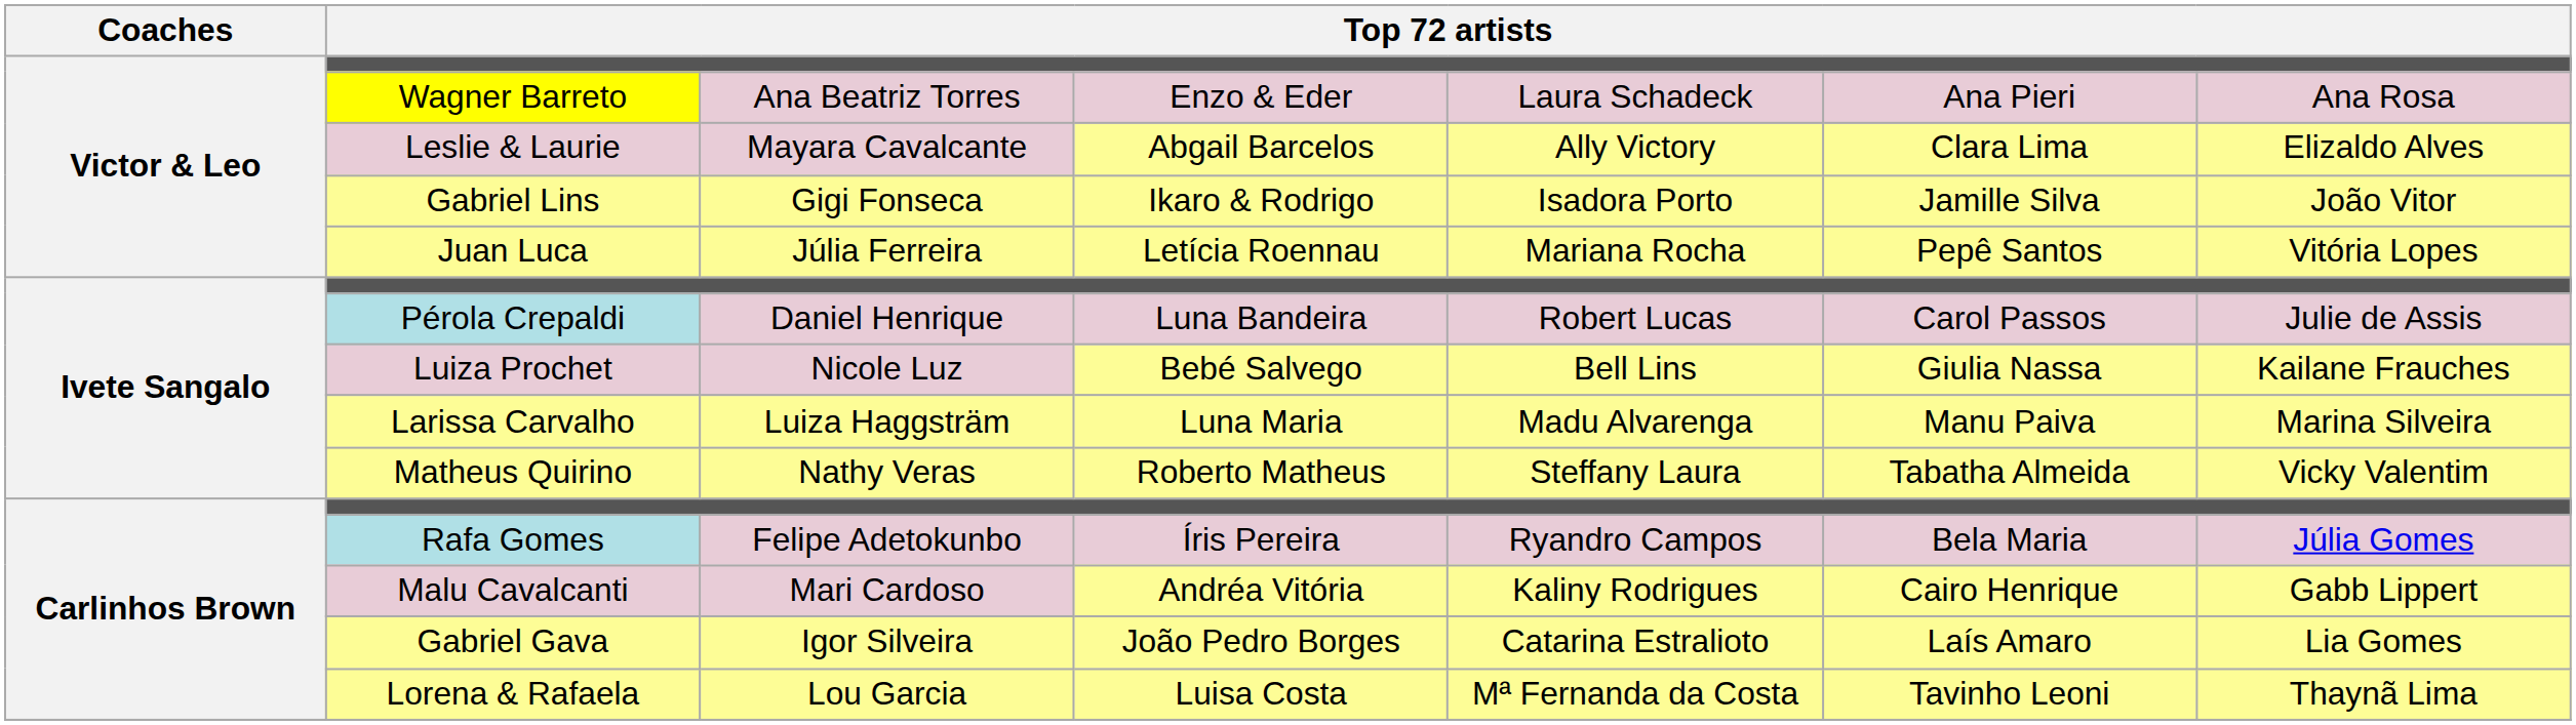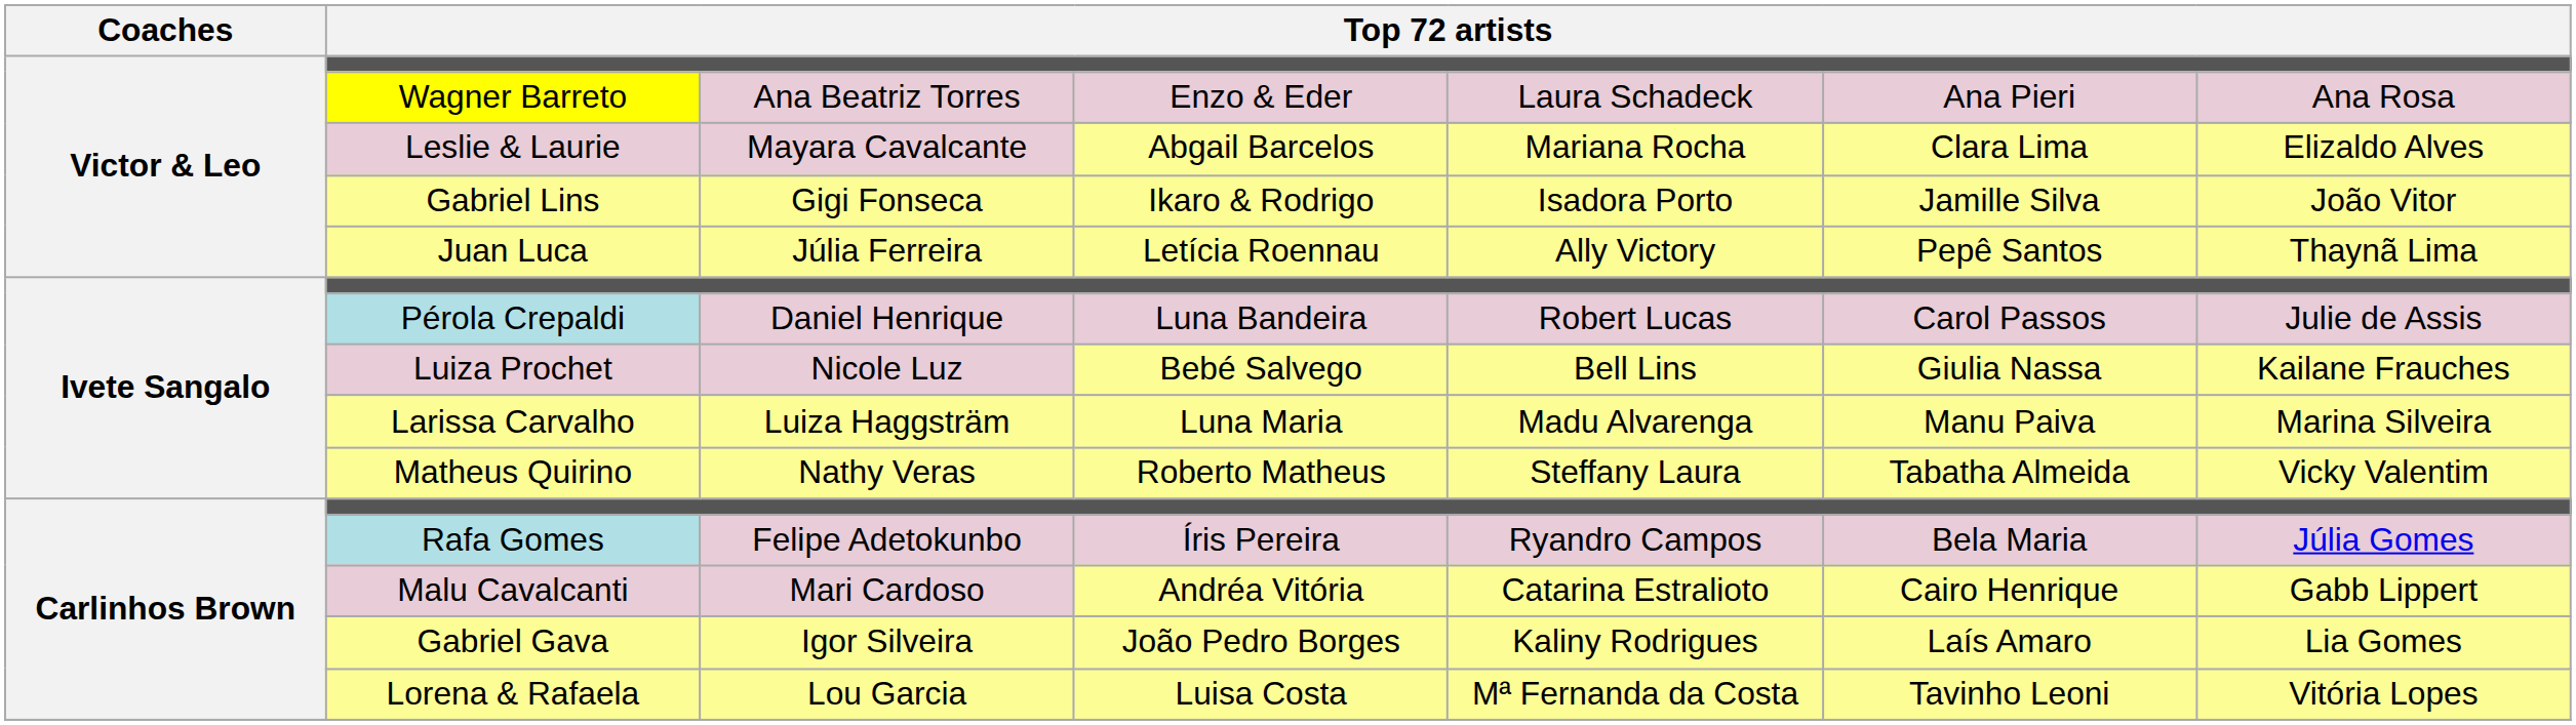 <table class="wikitable" style="text-align:center; width:100%;">
 <tr>
 <th scope="col" width="12%">Coaches</th>
 <th scope="col" width="85%" colspan=6>Top 72 artists</th>
 </tr>
 <tr>
 <th rowspan=5>Victor & Leo</th>
 <td colspan=6  bgcolor=555555></td>
 </tr>
 <tr>
 <td width="14%" bgcolor=FFFF00>Wagner Barreto</td>
 <td width="14%" bgcolor=E8CCD7>Ana Beatriz Torres</td>
 <td width="14%" bgcolor=E8CCD7>Enzo & Eder</td>
 <td width="14%" bgcolor=E8CCD7>Laura Schadeck</td>
 <td width="14%" bgcolor=E8CCD7>Ana Pieri</td>
 <td width="14%" bgcolor=E8CCD7>Ana Rosa</td>
 </tr>
 <tr>
 <td bgcolor=E8CCD7>Leslie & Laurie</td>
 <td bgcolor=E8CCD7>Mayara Cavalcante</td>
 <td bgcolor=FDFD96>Abgail Barcelos</td>
-<td bgcolor=FDFD96>Ally Victory</td>
+<td bgcolor=FDFD96>Mariana Rocha</td>
 <td bgcolor=FDFD96>Clara Lima</td>
 <td bgcolor=FDFD96>Elizaldo Alves</td>
 </tr>
 <tr>
 <td bgcolor=FDFD96>Gabriel Lins</td>
 <td bgcolor=FDFD96>Gigi Fonseca</td>
 <td bgcolor=FDFD96>Ikaro & Rodrigo</td>
 <td bgcolor=FDFD96>Isadora Porto</td>
 <td bgcolor=FDFD96>Jamille Silva</td>
 <td bgcolor=FDFD96>João Vitor</td>
 </tr>
 <tr>
 <td bgcolor=FDFD96>Juan Luca</td>
 <td bgcolor=FDFD96>Júlia Ferreira</td>
 <td bgcolor=FDFD96>Letícia Roennau</td>
-<td bgcolor=FDFD96>Mariana Rocha</td>
+<td bgcolor=FDFD96>Ally Victory</td>
 <td bgcolor=FDFD96>Pepê Santos</td>
-<td bgcolor=FDFD96>Vitória Lopes</td>
+<td bgcolor=FDFD96>Thaynã Lima</td>
 </tr>
 <tr>
 <th rowspan=5>Ivete Sangalo</th>
 <td colspan=6  bgcolor=555555></td>
 </tr>
 <tr>
 <td bgcolor=B0E0E6>Pérola Crepaldi</td>
 <td bgcolor=E8CCD7>Daniel Henrique</td>
 <td bgcolor=E8CCD7>Luna Bandeira</td>
 <td bgcolor=E8CCD7>Robert Lucas</td>
 <td bgcolor=E8CCD7>Carol Passos</td>
 <td bgcolor=E8CCD7>Julie de Assis</td>
 </tr>
 <tr>
 <td bgcolor=E8CCD7>Luiza Prochet</td>
 <td bgcolor=E8CCD7>Nicole Luz</td>
 <td bgcolor=FDFD96>Bebé Salvego</td>
 <td bgcolor=FDFD96>Bell Lins</td>
 <td bgcolor=FDFD96>Giulia Nassa</td>
 <td bgcolor=FDFD96>Kailane Frauches</td>
 </tr>
 <tr>
 <td bgcolor=FDFD96>Larissa Carvalho</td>
 <td bgcolor=FDFD96>Luiza Haggsträm</td>
 <td bgcolor=FDFD96>Luna Maria</td>
 <td bgcolor=FDFD96>Madu Alvarenga</td>
 <td bgcolor=FDFD96>Manu Paiva</td>
 <td bgcolor=FDFD96>Marina Silveira</td>
 </tr>
 <tr>
 <td bgcolor=FDFD96>Matheus Quirino</td>
 <td bgcolor=FDFD96>Nathy Veras</td>
 <td bgcolor=FDFD96>Roberto Matheus</td>
 <td bgcolor=FDFD96>Steffany Laura</td>
 <td bgcolor=FDFD96>Tabatha Almeida</td>
 <td bgcolor=FDFD96>Vicky Valentim</td>
 </tr>
 <tr>
 <th rowspan=5>Carlinhos Brown</th>
 <td colspan=6  bgcolor=555555></td>
 </tr>
 <tr>
 <td bgcolor=B0E0E6>Rafa Gomes</td>
 <td bgcolor=E8CCD7>Felipe Adetokunbo</td>
 <td bgcolor=E8CCD7>Íris Pereira</td>
 <td bgcolor=E8CCD7>Ryandro Campos</td>
 <td bgcolor=E8CCD7>Bela Maria</td>
 <td bgcolor=E8CCD7><a href='#'>Júlia Gomes</a></td>
 </tr>
 <tr>
 <td bgcolor=E8CCD7>Malu Cavalcanti</td>
 <td bgcolor=E8CCD7>Mari Cardoso</td>
 <td bgcolor=FDFD96>Andréa Vitória</td>
-<td bgcolor=FDFD96>Kaliny Rodrigues</td>
+<td bgcolor=FDFD96>Catarina Estralioto</td>
 <td bgcolor=FDFD96>Cairo Henrique</td>
 <td bgcolor=FDFD96>Gabb Lippert</td>
 </tr>
 <tr>
 <td bgcolor=FDFD96>Gabriel Gava</td>
 <td bgcolor=FDFD96>Igor Silveira</td>
 <td bgcolor=FDFD96>João Pedro Borges</td>
-<td bgcolor=FDFD96>Catarina Estralioto</td>
+<td bgcolor=FDFD96>Kaliny Rodrigues</td>
 <td bgcolor=FDFD96>Laís Amaro</td>
 <td bgcolor=FDFD96>Lia Gomes</td>
 </tr>
 <tr>
 <td bgcolor=FDFD96>Lorena & Rafaela</td>
 <td bgcolor=FDFD96>Lou Garcia</td>
 <td bgcolor=FDFD96>Luisa Costa</td>
 <td bgcolor=FDFD96>Mª Fernanda da Costa</td>
 <td bgcolor=FDFD96>Tavinho Leoni</td>
-<td bgcolor=FDFD96>Thaynã Lima</td>
+<td bgcolor=FDFD96>Vitória Lopes</td>
 </tr>
 <tr>
 </tr>
 </table>
